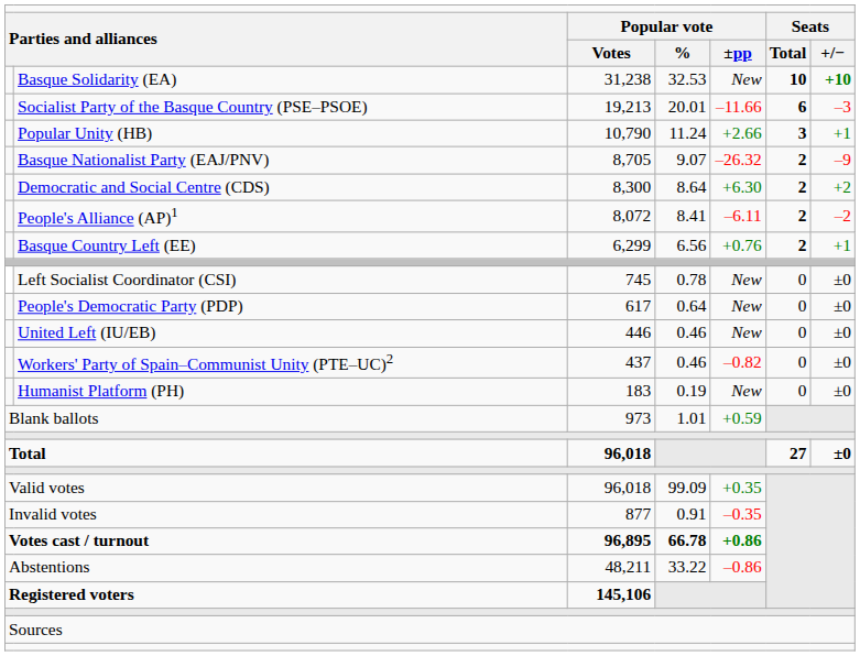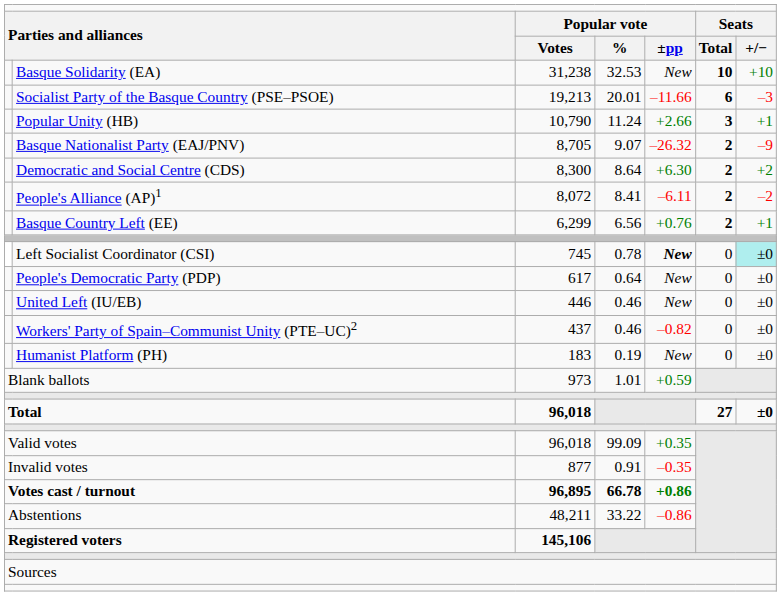 <table class="wikitable" style="text-align:right;">
 <tr>
 <td colspan="7"></td>
 </tr>
 <tr>
 <th style="text-align:left;" rowspan="2" colspan="2" width="525">Parties and alliances</th>
 <th colspan="3">Popular vote</th>
 <th colspan="2">Seats</th>
 </tr>
 <tr>
 <th width="75">Votes</th>
 <th width="45">%</th>
 <th width="45">±<a href='#'>pp</a></th>
 <th width="35">Total</th>
 <th width="35">+/−</th>
 </tr>
 <tr>
 <td width="1" style="color:inherit;background:"></td>
 <td align="left"><a href='#'>Basque Solidarity</a> (EA)</td>
 <td>31,238</td>
 <td>32.53</td>
 <td><em>New</em></td>
 <td><strong>10</strong></td>
-<td style="color:green;"><strong>+10</strong></td>
+<td style="color:green;">+10</td>
 </tr>
 <tr>
 <td style="color:inherit;background:"></td>
 <td align="left"><a href='#'>Socialist Party of the Basque Country</a> (PSE–PSOE)</td>
 <td>19,213</td>
 <td>20.01</td>
 <td style="color:red;">–11.66</td>
 <td><strong>6</strong></td>
 <td style="color:red;">–3</td>
 </tr>
 <tr>
 <td style="color:inherit;background:"></td>
 <td align="left"><a href='#'>Popular Unity</a> (HB)</td>
 <td>10,790</td>
 <td>11.24</td>
 <td style="color:green;">+2.66</td>
 <td><strong>3</strong></td>
 <td style="color:green;">+1</td>
 </tr>
 <tr>
 <td style="color:inherit;background:"></td>
 <td align="left"><a href='#'>Basque Nationalist Party</a> (EAJ/PNV)</td>
 <td>8,705</td>
 <td>9.07</td>
 <td style="color:red;">–26.32</td>
 <td><strong>2</strong></td>
 <td style="color:red;">–9</td>
 </tr>
 <tr>
 <td style="color:inherit;background:"></td>
 <td align="left"><a href='#'>Democratic and Social Centre</a> (CDS)</td>
 <td>8,300</td>
 <td>8.64</td>
 <td style="color:green;">+6.30</td>
 <td><strong>2</strong></td>
 <td style="color:green;">+2</td>
 </tr>
 <tr>
 <td style="color:inherit;background:"></td>
 <td align="left"><a href='#'>People's Alliance</a> (AP)<sup>1</sup></td>
 <td>8,072</td>
 <td>8.41</td>
 <td style="color:red;">–6.11</td>
 <td><strong>2</strong></td>
 <td style="color:red;">–2</td>
 </tr>
 <tr>
 <td style="color:inherit;background:"></td>
 <td align="left"><a href='#'>Basque Country Left</a> (EE)</td>
 <td>6,299</td>
 <td>6.56</td>
 <td style="color:green;">+0.76</td>
 <td><strong>2</strong></td>
 <td style="color:green;">+1</td>
 </tr>
 <tr>
 <td colspan="7" bgcolor="#C0C0C0"></td>
 </tr>
 <tr>
 <td bgcolor="white"></td>
 <td align="left">Left Socialist Coordinator (CSI)</td>
 <td>745</td>
 <td>0.78</td>
-<td><em>New</em></td>
+<td><strong><em>New</em></strong></td>
 <td>0</td>
-<td>±0</td>
+<td style="background: paleturquoise;">±0</td>
 </tr>
 <tr>
 <td style="color:inherit;background:"></td>
 <td align="left"><a href='#'>People's Democratic Party</a> (PDP)</td>
 <td>617</td>
 <td>0.64</td>
 <td><em>New</em></td>
 <td>0</td>
 <td>±0</td>
 </tr>
 <tr>
 <td style="color:inherit;background:"></td>
 <td align="left"><a href='#'>United Left</a> (IU/EB)</td>
 <td>446</td>
 <td>0.46</td>
 <td><em>New</em></td>
 <td>0</td>
 <td>±0</td>
 </tr>
 <tr>
 <td style="color:inherit;background:"></td>
 <td align="left"><a href='#'>Workers' Party of Spain–Communist Unity</a> (PTE–UC)<sup>2</sup></td>
 <td>437</td>
 <td>0.46</td>
 <td style="color:red;">–0.82</td>
 <td>0</td>
 <td>±0</td>
 </tr>
 <tr>
 <td style="color:inherit;background:"></td>
 <td align="left"><a href='#'>Humanist Platform</a> (PH)</td>
 <td>183</td>
 <td>0.19</td>
 <td><em>New</em></td>
 <td>0</td>
 <td>±0</td>
 </tr>
 <tr>
 <td align="left" colspan="2">Blank ballots</td>
 <td>973</td>
 <td>1.01</td>
 <td style="color:green;">+0.59</td>
 <td bgcolor="#E9E9E9" colspan="2"></td>
 </tr>
 <tr>
 <td colspan="7" bgcolor="#E9E9E9"></td>
 </tr>
 <tr style="font-weight:bold;">
 <td align="left" colspan="2">Total</td>
 <td>96,018</td>
 <td bgcolor="#E9E9E9" colspan="2"></td>
 <td>27</td>
 <td>±0</td>
 </tr>
 <tr>
 <td colspan="7" bgcolor="#E9E9E9"></td>
 </tr>
 <tr>
 <td align="left" colspan="2">Valid votes</td>
 <td>96,018</td>
 <td>99.09</td>
 <td style="color:green;">+0.35</td>
 <td bgcolor="#E9E9E9" colspan="2" rowspan="5"></td>
 </tr>
 <tr>
 <td align="left" colspan="2">Invalid votes</td>
 <td>877</td>
 <td>0.91</td>
 <td style="color:red;">–0.35</td>
 </tr>
 <tr style="font-weight:bold;">
 <td align="left" colspan="2">Votes cast / turnout</td>
 <td>96,895</td>
 <td>66.78</td>
 <td style="color:green;">+0.86</td>
 </tr>
 <tr>
 <td align="left" colspan="2">Abstentions</td>
 <td>48,211</td>
 <td>33.22</td>
 <td style="color:red;">–0.86</td>
 </tr>
 <tr style="font-weight:bold;">
 <td align="left" colspan="2">Registered voters</td>
 <td>145,106</td>
 <td bgcolor="#E9E9E9" colspan="2"></td>
 </tr>
 <tr>
 <td colspan="7" bgcolor="#E9E9E9"></td>
 </tr>
 <tr>
 <td align="left" colspan="7">Sources</td>
 </tr>
 <tr>
 <td colspan="7" style="text-align:left; max-width:790px;"></td>
 </tr>
 </table>
